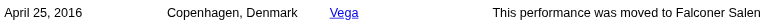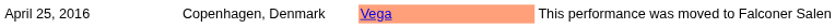 <table cellpadding="2" style="border: 0px solid darkgray;">
 <tr>
 <th width="200"></th>
 <th width="200"></th>
 <th width="200"></th>
 <th width="475"></th>
 </tr>
 <tr border="0">
 <td>April 25, 2016</td>
 <td>Copenhagen, Denmark</td>
-<td><a href='#'>Vega</a></td>
+<td style="background: lightsalmon;"><a href='#'>Vega</a></td>
 <td>This performance was moved to Falconer Salen</td>
 </tr>
 </table>
